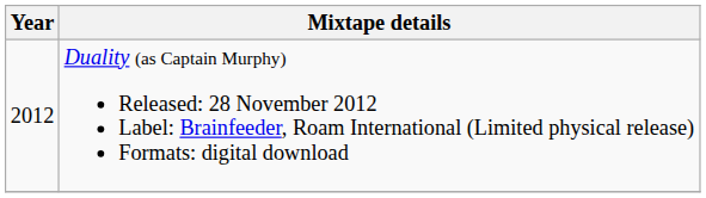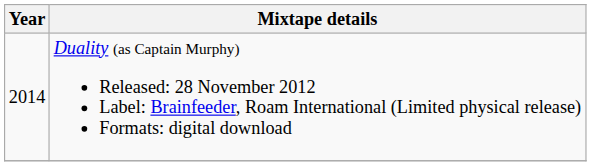 <table class="wikitable" style="text-align:center;">
 <tr>
 <th>Year</th>
 <th>Mixtape details</th>
 </tr>
 <tr>
-<td>2012</td>
+<td>2014</td>
 <td align="left"><em><a href='#'>Duality</a></em> <small>(as Captain Murphy)</small><br><ul><li>Released: 28 November 2012</li><li>Label: <a href='#'>Brainfeeder</a>, Roam International (Limited physical release)</li><li>Formats: digital download</li></ul></td>
 </tr>
 <tr>
 </tr>
 </table>
